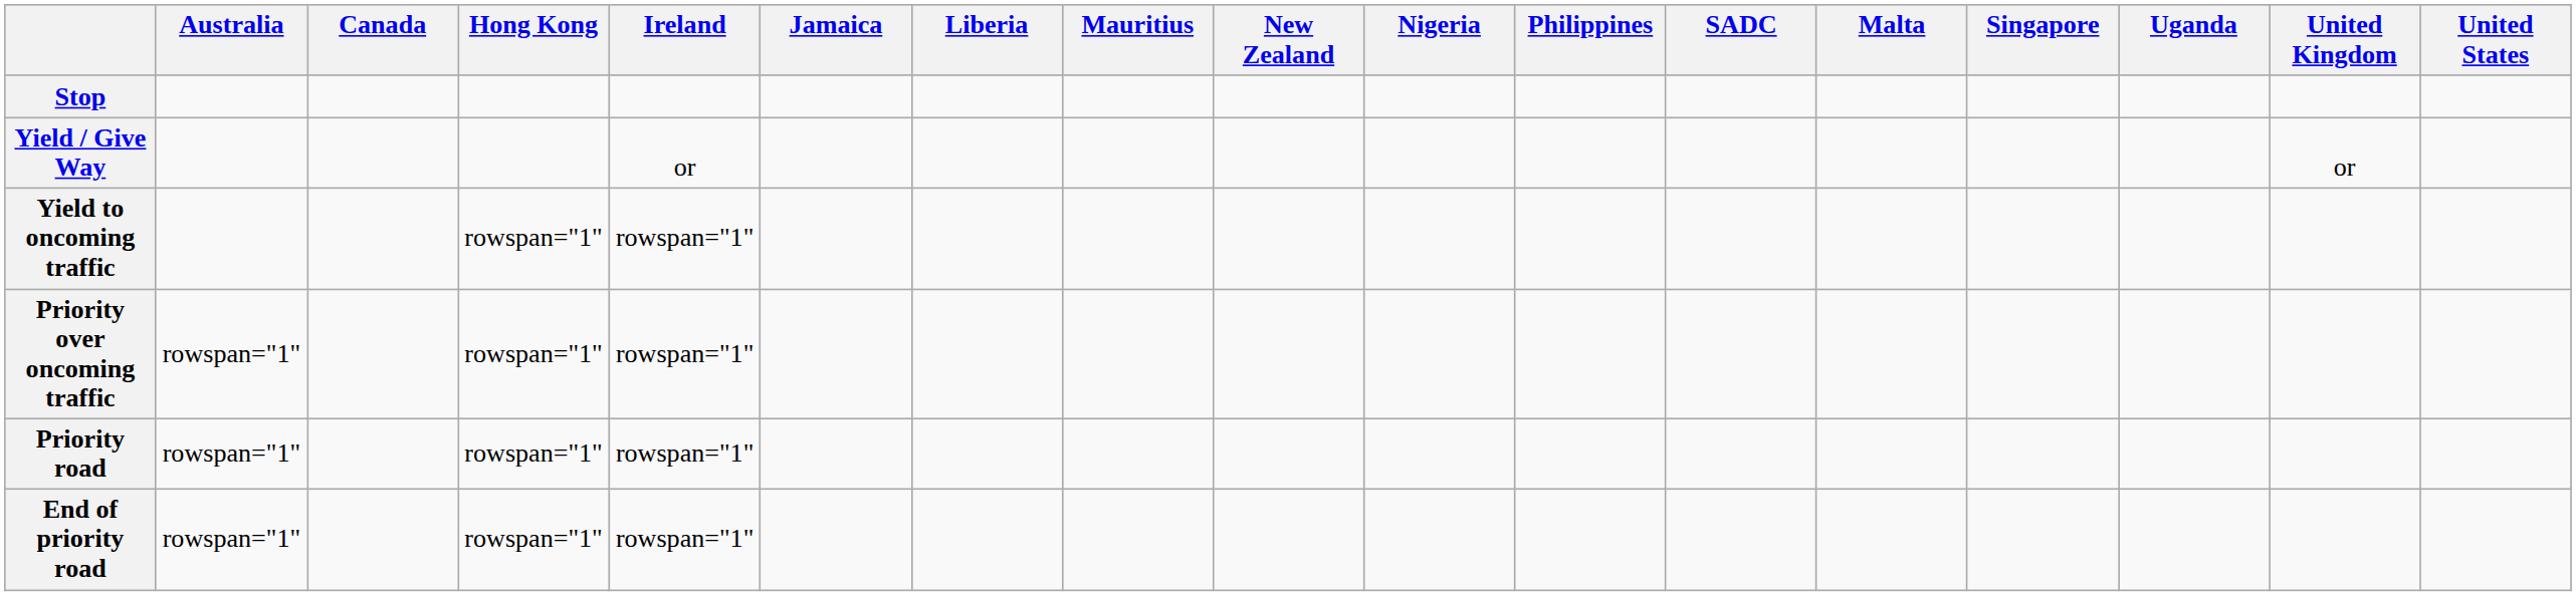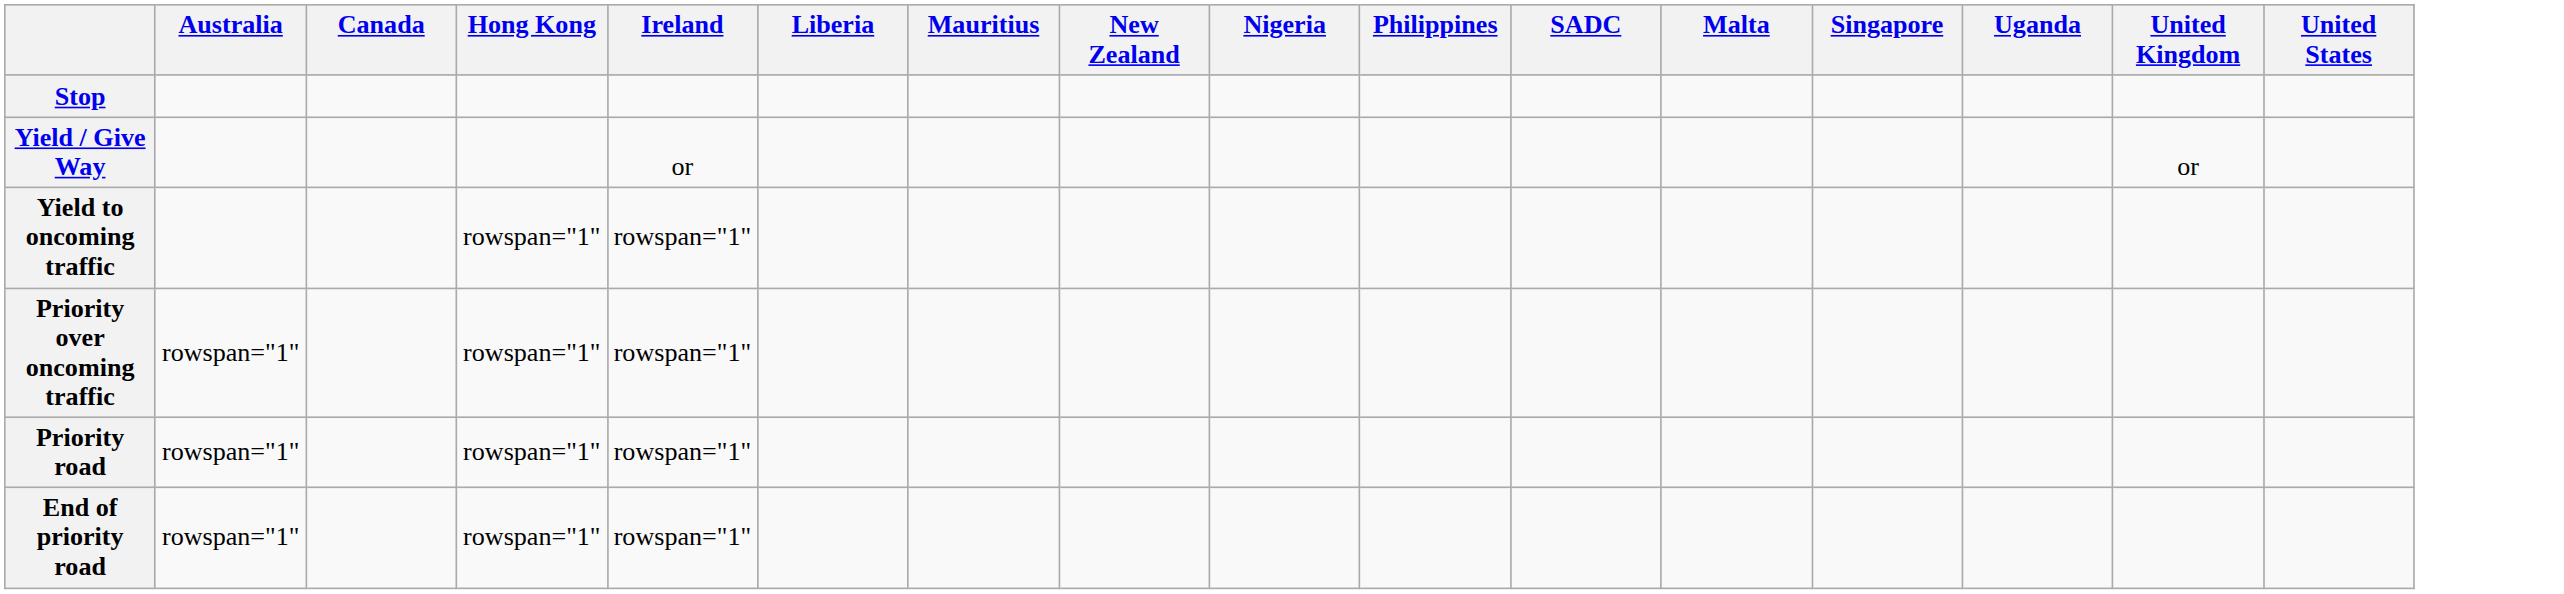 <table class="wikitable" style="text-align: center;">
 <tr>
 <th width="85" style="vertical-align: top;" scope="col"> </th>
 <th width="85" style="vertical-align: top;" scope="col"><a href='#'>Australia</a></th>
 <th width="85" style="vertical-align: top;" scope="col"><a href='#'>Canada</a></th>
 <th width="85" style="vertical-align: top;" scope="col"><a href='#'>Hong Kong</a></th>
 <th width="85" style="vertical-align: top;" scope="col"><a href='#'>Ireland</a></th>
-<th width="85" style="vertical-align: top;" scope="col"><a href='#'>Jamaica</a></th>
 <th width="85" style="vertical-align: top;" scope="col"><a href='#'>Liberia</a></th>
 <th width="85" style="vertical-align: top;" scope="col"><a href='#'>Mauritius</a></th>
 <th width="85" style="vertical-align: top;" scope="col"><a href='#'>New Zealand</a></th>
 <th width="85" style="vertical-align: top;" scope="col"><a href='#'>Nigeria</a></th>
 <th width="85" style="vertical-align: top;" scope="col"><a href='#'>Philippines</a></th>
 <th width="85" style="vertical-align: top;" scope="col"><a href='#'>SADC</a></th>
 <th width="85" style="vertical-align: top;" scope="col"><a href='#'>Malta</a></th>
 <th width="85" style="vertical-align: top;" scope="col"><a href='#'>Singapore</a></th>
 <th width="85" style="vertical-align: top;" scope="col"><a href='#'>Uganda</a></th>
 <th width="85" style="vertical-align: top;" scope="col"><a href='#'>United Kingdom</a></th>
 <th width="85" style="vertical-align: top;" scope="col"><a href='#'>United States</a></th>
 </tr>
 <tr>
 <th><a href='#'>Stop</a></th>
-<td></td>
 <td></td>
 <td></td>
 <td></td>
 <td></td>
 <td></td>
 <td></td>
 <td></td>
 <td></td>
 <td></td>
 <td></td>
 <td></td>
 <td></td>
 <td></td>
 <td></td>
 <td></td>
 </tr>
 <tr>
 <th><a href='#'>Yield / Give Way</a></th>
 <td></td>
 <td></td>
 <td></td>
 <td><br>or<br></td>
 <td></td>
 <td></td>
 <td></td>
 <td></td>
 <td></td>
 <td></td>
 <td></td>
 <td></td>
 <td></td>
-<td></td>
 <td><br>or<br></td>
 <td></td>
 </tr>
 <tr>
 <th>Yield to oncoming traffic</th>
 <td><br></td>
 <td></td>
 <td>rowspan="1" </td>
 <td>rowspan="1" </td>
 <td></td>
 <td></td>
 <td></td>
 <td></td>
 <td></td>
 <td></td>
 <td></td>
 <td></td>
 <td></td>
-<td></td>
 <td><br></td>
 <td></td>
 </tr>
 <tr>
 <th>Priority over oncoming traffic</th>
 <td>rowspan="1" </td>
 <td></td>
 <td>rowspan="1" </td>
 <td>rowspan="1" </td>
-<td></td>
 <td></td>
 <td></td>
 <td></td>
 <td></td>
 <td></td>
 <td></td>
 <td></td>
 <td></td>
 <td></td>
 <td><br></td>
 <td></td>
 </tr>
 <tr>
 <th>Priority road</th>
 <td>rowspan="1" </td>
 <td></td>
 <td>rowspan="1" </td>
 <td>rowspan="1" </td>
 <td></td>
 <td></td>
 <td></td>
 <td></td>
 <td></td>
 <td></td>
 <td></td>
 <td></td>
 <td></td>
 <td></td>
 <td></td>
-<td></td>
 </tr>
 <tr>
 <th>End of priority road</th>
 <td>rowspan="1" </td>
 <td></td>
 <td>rowspan="1" </td>
 <td>rowspan="1" </td>
 <td></td>
 <td></td>
 <td></td>
 <td></td>
 <td></td>
 <td></td>
 <td></td>
 <td></td>
 <td></td>
 <td></td>
 <td></td>
-<td></td>
 </tr>
 </table>
